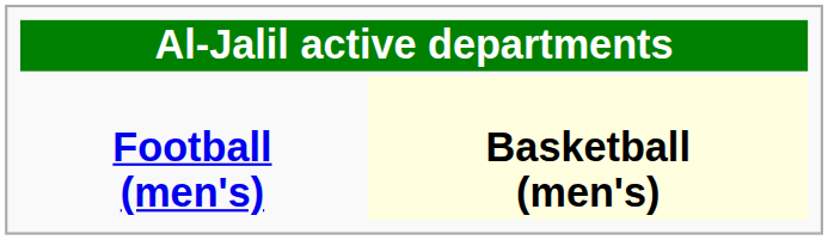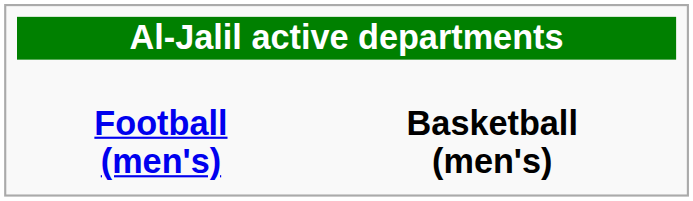 <table class="infobox" style="width: 20em; font-size: 95%em;">
 <tr style="color:white; background:green; text-align:center;">
 <th colspan="3" style="text-align: center">Al-Jalil active departments</th>
 </tr>
 <tr style="text-align: center">
 <td><br><strong><a href='#'>Football<br>(men's)</a></strong></td>
-<td style="background: lightyellow;"><br><strong>Basketball<br>(men's)</strong></td>
+<td><br><strong>Basketball<br>(men's)</strong></td>
 </tr>
 </table>
